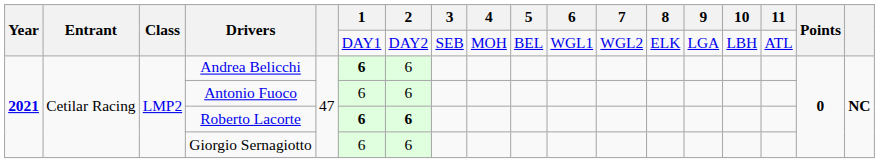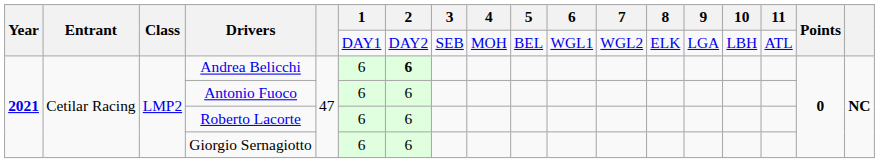 <table class="wikitable" style="text-align:center; font-size:90%">
 <tr>
 <th rowspan="2">Year</th>
 <th rowspan="2">Entrant</th>
 <th rowspan="2">Class</th>
 <th rowspan="2">Drivers</th>
 <th rowspan="2"></th>
 <th>1</th>
 <th>2</th>
 <th>3</th>
 <th>4</th>
 <th>5</th>
 <th>6</th>
 <th>7</th>
 <th>8</th>
 <th>9</th>
 <th>10</th>
 <th>11</th>
 <th rowspan="2">Points</th>
 <th rowspan="2"></th>
 </tr>
 <tr>
 <td><a href='#'>DAY1</a></td>
 <td><a href='#'>DAY2</a></td>
 <td><a href='#'>SEB</a></td>
 <td><a href='#'>MOH</a></td>
 <td><a href='#'>BEL</a></td>
 <td><a href='#'>WGL1</a></td>
 <td><a href='#'>WGL2</a></td>
 <td><a href='#'>ELK</a></td>
 <td><a href='#'>LGA</a></td>
 <td><a href='#'>LBH</a></td>
 <td><a href='#'>ATL</a></td>
 </tr>
 <tr>
 <td rowspan="4"><a href='#'><strong>2021</strong></a></td>
 <td rowspan="4"> Cetilar Racing</td>
 <td rowspan="4"><a href='#'>LMP2</a></td>
 <td> <a href='#'>Andrea Belicchi</a></td>
 <td rowspan="4">47</td>
+<td style="background:#dfffdf;" align="center">6</td>
 <td style="background:#dfffdf;" align="center"><strong>6</strong></td>
-<td style="background:#dfffdf;" align="center">6</td>
 <td></td>
 <td></td>
 <td></td>
 <td></td>
 <td></td>
 <td></td>
 <td></td>
 <td></td>
 <td></td>
 <td rowspan="4"><strong>0</strong></td>
 <td rowspan="4"><strong>NC</strong></td>
 </tr>
 <tr>
 <td> <a href='#'>Antonio Fuoco</a></td>
 <td style="background:#dfffdf;" align="center">6</td>
 <td style="background:#dfffdf;" align="center">6</td>
 <td></td>
 <td></td>
 <td></td>
 <td></td>
 <td></td>
 <td></td>
 <td></td>
 <td></td>
 <td></td>
 </tr>
 <tr>
 <td> <a href='#'>Roberto Lacorte</a></td>
-<td style="background:#dfffdf;" align="center"><strong>6</strong></td>
-<td style="background:#dfffdf;" align="center"><strong>6</strong></td>
+<td style="background:#dfffdf;" align="center">6</td>
+<td style="background:#dfffdf;" align="center">6</td>
 <td></td>
 <td></td>
 <td></td>
 <td></td>
 <td></td>
 <td></td>
 <td></td>
 <td></td>
 <td></td>
 </tr>
 <tr>
 <td> Giorgio Sernagiotto</td>
 <td style="background:#dfffdf;" align="center">6</td>
 <td style="background:#dfffdf;" align="center">6</td>
 <td></td>
 <td></td>
 <td></td>
 <td></td>
 <td></td>
 <td></td>
 <td></td>
 <td></td>
 <td></td>
 </tr>
 </table>
